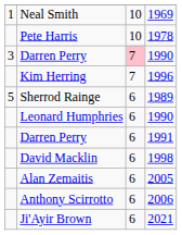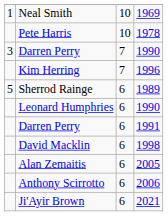 <table class="wikitable">
 <tr>
 </tr>
 <tr>
 <td>1</td>
 <td>Neal Smith</td>
 <td>10</td>
 <td><a href='#'>1969</a></td>
 </tr>
 <tr>
 <td></td>
 <td><a href='#'>Pete Harris</a></td>
 <td>10</td>
 <td><a href='#'>1978</a></td>
 </tr>
 <tr>
 <td>3</td>
 <td><a href='#'>Darren Perry</a></td>
-<td style="background: pink;">7</td>
+<td>7</td>
 <td><a href='#'>1990</a></td>
 </tr>
 <tr>
 <td></td>
 <td><a href='#'>Kim Herring</a></td>
 <td>7</td>
 <td><a href='#'>1996</a></td>
 </tr>
 <tr>
 <td>5</td>
 <td>Sherrod Rainge</td>
 <td>6</td>
 <td><a href='#'>1989</a></td>
 </tr>
 <tr>
 <td></td>
 <td><a href='#'>Leonard Humphries</a></td>
 <td>6</td>
 <td><a href='#'>1990</a></td>
 </tr>
 <tr>
 <td></td>
 <td><a href='#'>Darren Perry</a></td>
 <td>6</td>
 <td><a href='#'>1991</a></td>
 </tr>
 <tr>
 <td></td>
 <td><a href='#'>David Macklin</a></td>
 <td>6</td>
 <td><a href='#'>1998</a></td>
 </tr>
 <tr>
 <td></td>
 <td><a href='#'>Alan Zemaitis</a></td>
 <td>6</td>
 <td><a href='#'>2005</a></td>
 </tr>
 <tr>
 <td></td>
 <td><a href='#'>Anthony Scirrotto</a></td>
 <td>6</td>
 <td><a href='#'>2006</a></td>
 </tr>
 <tr>
 <td></td>
 <td><a href='#'>Ji'Ayir Brown</a></td>
 <td>6</td>
 <td><a href='#'>2021</a></td>
 </tr>
 </table>
